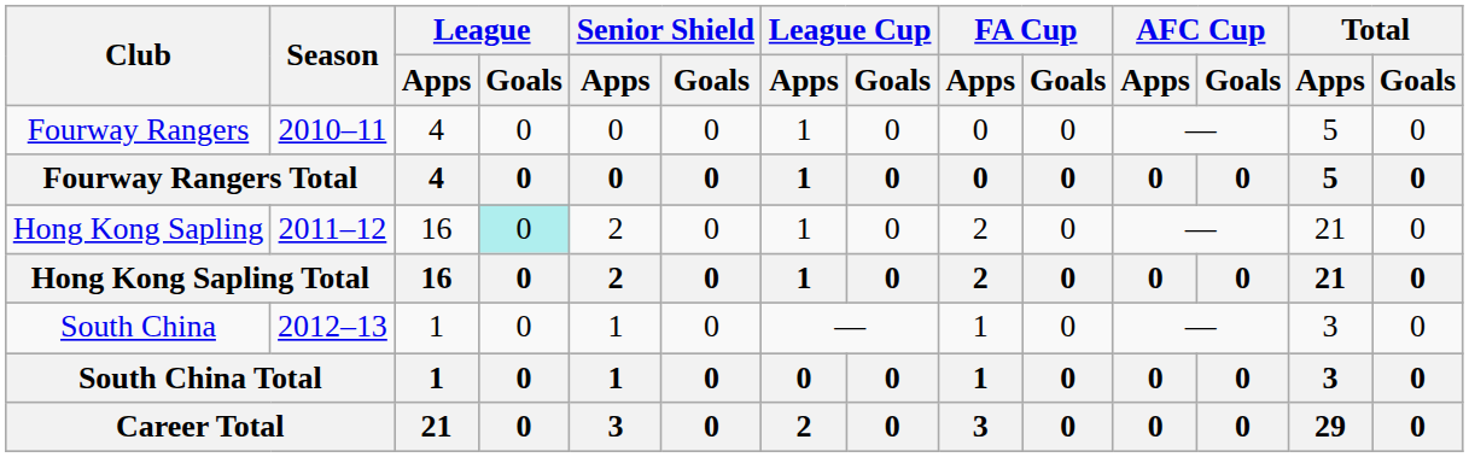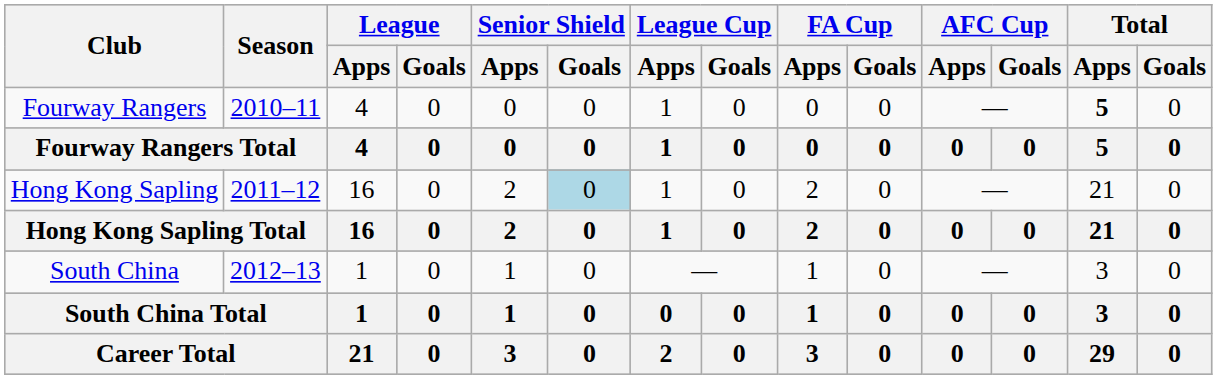 <table class="wikitable" style="text-align: center;">
 <tr>
 <th rowspan="2">Club</th>
 <th rowspan="2">Season</th>
 <th colspan="2"><a href='#'>League</a></th>
 <th colspan="2"><a href='#'>Senior Shield</a></th>
 <th colspan="2"><a href='#'>League Cup</a></th>
 <th colspan="2"><a href='#'>FA Cup</a></th>
 <th colspan="2"><a href='#'>AFC Cup</a></th>
 <th colspan="2">Total</th>
 </tr>
 <tr>
 <th>Apps</th>
 <th>Goals</th>
 <th>Apps</th>
 <th>Goals</th>
 <th>Apps</th>
 <th>Goals</th>
 <th>Apps</th>
 <th>Goals</th>
 <th>Apps</th>
 <th>Goals</th>
 <th>Apps</th>
 <th>Goals</th>
 </tr>
 <tr>
 <td rowspan="1"><a href='#'>Fourway Rangers</a></td>
 <td><a href='#'>2010–11</a></td>
 <td>4</td>
 <td>0</td>
 <td>0</td>
 <td>0</td>
 <td>1</td>
 <td>0</td>
 <td>0</td>
 <td>0</td>
 <td colspan="2">—</td>
-<td>5</td>
+<td><strong>5</strong></td>
 <td>0</td>
 </tr>
 <tr>
 <th colspan="2">Fourway Rangers Total</th>
 <th>4</th>
 <th>0</th>
 <th>0</th>
 <th>0</th>
 <th>1</th>
 <th>0</th>
 <th>0</th>
 <th>0</th>
 <th>0</th>
 <th>0</th>
 <th>5</th>
 <th>0</th>
 </tr>
 <tr>
 <td rowspan="1"><a href='#'>Hong Kong Sapling</a></td>
 <td><a href='#'>2011–12</a></td>
 <td>16</td>
-<td style="background: paleturquoise;">0</td>
+<td>0</td>
 <td>2</td>
-<td>0</td>
+<td style="background: lightblue;">0</td>
 <td>1</td>
 <td>0</td>
 <td>2</td>
 <td>0</td>
 <td colspan="2">—</td>
 <td>21</td>
 <td>0</td>
 </tr>
 <tr>
 <th colspan="2">Hong Kong Sapling Total</th>
 <th>16</th>
 <th>0</th>
 <th>2</th>
 <th>0</th>
 <th>1</th>
 <th>0</th>
 <th>2</th>
 <th>0</th>
 <th>0</th>
 <th>0</th>
 <th>21</th>
 <th>0</th>
 </tr>
 <tr>
 <td rowspan="1"><a href='#'>South China</a></td>
 <td><a href='#'>2012–13</a></td>
 <td>1</td>
 <td>0</td>
 <td>1</td>
 <td>0</td>
 <td colspan="2">—</td>
 <td>1</td>
 <td>0</td>
 <td colspan="2">—</td>
 <td>3</td>
 <td>0</td>
 </tr>
 <tr>
 <th colspan="2">South China Total</th>
 <th>1</th>
 <th>0</th>
 <th>1</th>
 <th>0</th>
 <th>0</th>
 <th>0</th>
 <th>1</th>
 <th>0</th>
 <th>0</th>
 <th>0</th>
 <th>3</th>
 <th>0</th>
 </tr>
 <tr>
 <th colspan="2">Career Total</th>
 <th>21</th>
 <th>0</th>
 <th>3</th>
 <th>0</th>
 <th>2</th>
 <th>0</th>
 <th>3</th>
 <th>0</th>
 <th>0</th>
 <th>0</th>
 <th>29</th>
 <th>0</th>
 </tr>
 </table>
